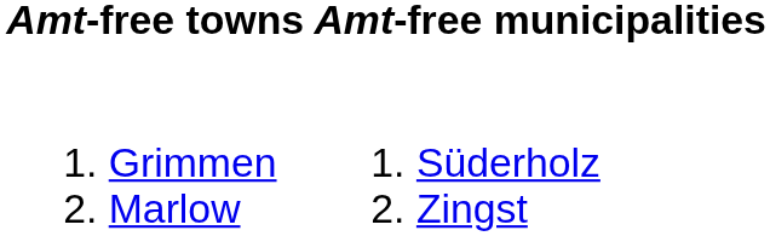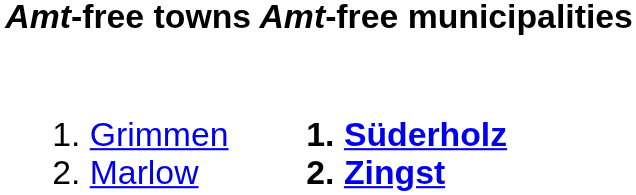 <table>
 <tr ---->
 <th><em>Amt</em>-free towns</th>
 <th><em>Amt</em>-free municipalities</th>
 </tr>
 <tr>
 <td valign=top><br><ol><li><a href='#'>Grimmen</a></li><li><a href='#'>Marlow</a></li></ol></td>
-<td valign=top><br><ol><li><a href='#'>Süderholz</a></li><li><a href='#'>Zingst</a></li></ol></td>
+<td valign=top><strong><br><ol><li><a href='#'>Süderholz</a></li><li><a href='#'>Zingst</a></li></ol></strong></td>
 </tr>
 </table>
